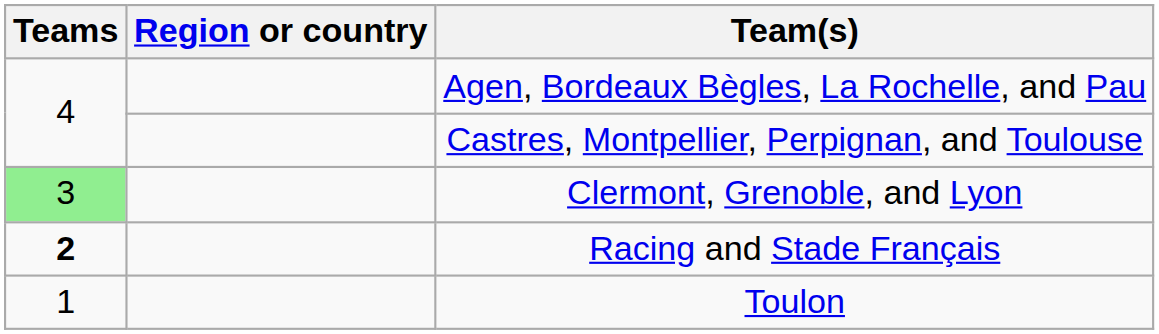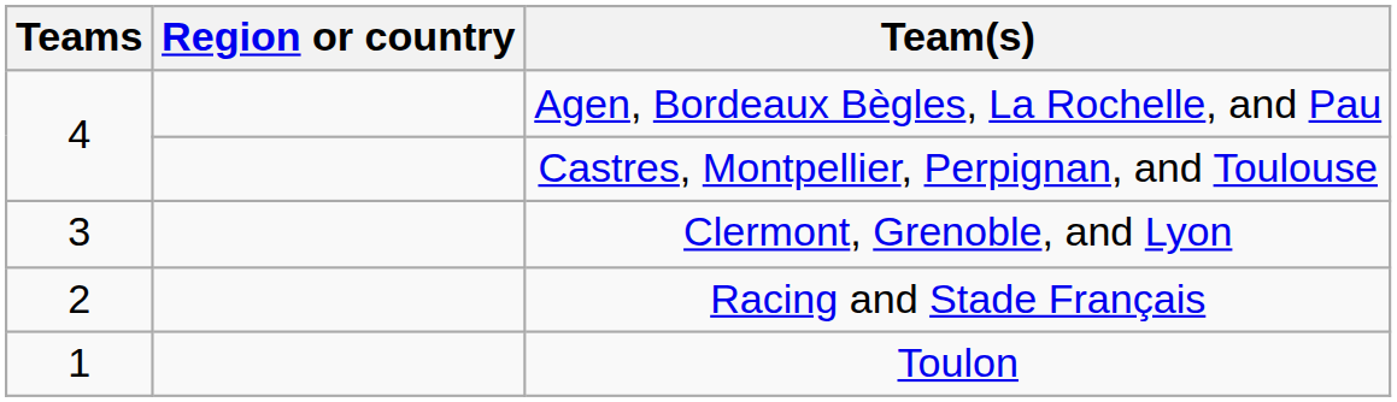 <table class="wikitable" style="text-align:center">
 <tr>
 <th>Teams</th>
 <th><a href='#'>Region</a> or country</th>
 <th>Team(s)</th>
 </tr>
 <tr>
 <td rowspan="2">4</td>
 <td align="left"></td>
 <td><a href='#'>Agen</a>, <a href='#'>Bordeaux Bègles</a>, <a href='#'>La Rochelle</a>, and <a href='#'>Pau</a></td>
 </tr>
 <tr>
 <td align="left"></td>
 <td><a href='#'>Castres</a>, <a href='#'>Montpellier</a>, <a href='#'>Perpignan</a>, and <a href='#'>Toulouse</a></td>
 </tr>
 <tr>
-<td style="background: lightgreen;">3</td>
+<td>3</td>
 <td align="left"></td>
 <td><a href='#'>Clermont</a>, <a href='#'>Grenoble</a>, and <a href='#'>Lyon</a></td>
 </tr>
 <tr>
-<td><strong>2</strong></td>
+<td>2</td>
 <td align="left"></td>
 <td><a href='#'>Racing</a> and <a href='#'>Stade Français</a></td>
 </tr>
 <tr>
 <td>1</td>
 <td align="left"></td>
 <td><a href='#'>Toulon</a></td>
 </tr>
 </table>
